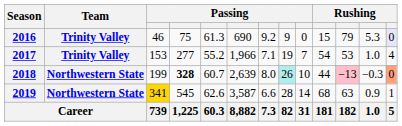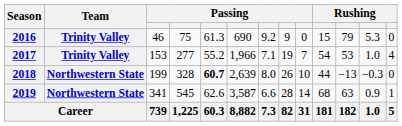 <table class="wikitable" style="text-align:center;">
 <tr>
 <th rowspan="2">Season</th>
 <th rowspan="2">Team</th>
 <th colspan="7">Passing</th>
 <th colspan="4">Rushing</th>
 </tr>
 <tr>
 <th></th>
 <th></th>
 <th></th>
 <th></th>
 <th></th>
 <th></th>
 <th></th>
 <th></th>
 <th></th>
 <th></th>
 <th></th>
 </tr>
 <tr>
 <th><a href='#'>2016</a></th>
 <th><a href='#'>Trinity Valley</a></th>
 <td>46</td>
 <td>75</td>
 <td>61.3</td>
 <td>690</td>
 <td>9.2</td>
 <td>9</td>
 <td>0</td>
 <td>15</td>
 <td>79</td>
 <td>5.3</td>
-<td style="background: lavender;">0</td>
+<td>0</td>
 </tr>
 <tr>
 <th><a href='#'>2017</a></th>
 <th><a href='#'>Trinity Valley</a></th>
 <td>153</td>
 <td>277</td>
 <td>55.2</td>
 <td>1,966</td>
 <td>7.1</td>
 <td>19</td>
 <td>7</td>
 <td>54</td>
 <td>53</td>
 <td>1.0</td>
 <td>4</td>
 </tr>
 <tr>
 <th><a href='#'>2018</a></th>
 <th><a href='#'>Northwestern State</a></th>
 <td>199</td>
-<td><strong>328</strong></td>
-<td>60.7</td>
+<td>328</td>
+<td><strong>60.7</strong></td>
 <td>2,639</td>
 <td>8.0</td>
-<td style="background: paleturquoise;">26</td>
+<td>26</td>
 <td>10</td>
 <td>44</td>
-<td style="background: pink;">−13</td>
+<td>−13</td>
 <td>−0.3</td>
-<td style="background: lightsalmon;">0</td>
+<td>0</td>
 </tr>
 <tr>
 <th><a href='#'>2019</a></th>
 <th><a href='#'>Northwestern State</a></th>
-<td style="background: gold;">341</td>
+<td>341</td>
 <td>545</td>
 <td>62.6</td>
 <td>3,587</td>
 <td>6.6</td>
 <td>28</td>
 <td>14</td>
 <td>68</td>
 <td>63</td>
 <td>0.9</td>
 <td>1</td>
 </tr>
 <tr>
 <th colspan="2">Career</th>
 <th>739</th>
 <th>1,225</th>
 <th>60.3</th>
 <th>8,882</th>
 <th>7.3</th>
 <th>82</th>
 <th>31</th>
 <th>181</th>
 <th>182</th>
 <th>1.0</th>
 <th>5</th>
 </tr>
 </table>
